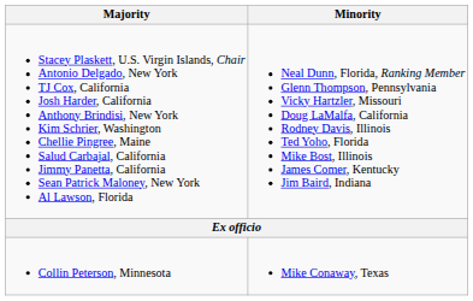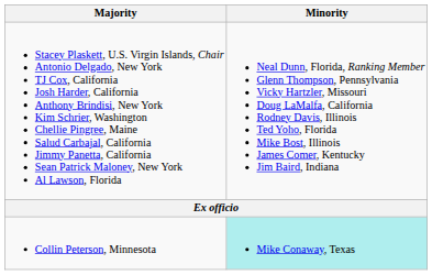 <table class=wikitable>
 <tr>
 <th>Majority</th>
 <th>Minority</th>
 </tr>
 <tr>
 <td><br><ul><li><a href='#'>Stacey Plaskett</a>, U.S. Virgin Islands, <em>Chair</em></li><li><a href='#'>Antonio Delgado</a>, New York</li><li><a href='#'>TJ Cox</a>, California</li><li><a href='#'>Josh Harder</a>, California</li><li><a href='#'>Anthony Brindisi</a>, New York</li><li><a href='#'>Kim Schrier</a>, Washington</li><li><a href='#'>Chellie Pingree</a>, Maine</li><li><a href='#'>Salud Carbajal</a>, California</li><li><a href='#'>Jimmy Panetta</a>, California</li><li><a href='#'>Sean Patrick Maloney</a>, New York</li><li><a href='#'>Al Lawson</a>, Florida</li></ul></td>
 <td><br><ul><li><a href='#'>Neal Dunn</a>, Florida, <em>Ranking Member</em></li><li><a href='#'>Glenn Thompson</a>, Pennsylvania</li><li><a href='#'>Vicky Hartzler</a>, Missouri</li><li><a href='#'>Doug LaMalfa</a>, California</li><li><a href='#'>Rodney Davis</a>, Illinois</li><li><a href='#'>Ted Yoho</a>, Florida</li><li><a href='#'>Mike Bost</a>, Illinois</li><li><a href='#'>James Comer</a>, Kentucky</li><li><a href='#'>Jim Baird</a>, Indiana</li></ul></td>
 </tr>
 <tr>
 <th colspan=2><em>Ex officio</em></th>
 </tr>
 <tr>
 <td><br><ul><li><a href='#'>Collin Peterson</a>, Minnesota</li></ul></td>
-<td><br><ul><li><a href='#'>Mike Conaway</a>, Texas</li></ul></td>
+<td style="background: paleturquoise;"><br><ul><li><a href='#'>Mike Conaway</a>, Texas</li></ul></td>
 </tr>
 </table>
